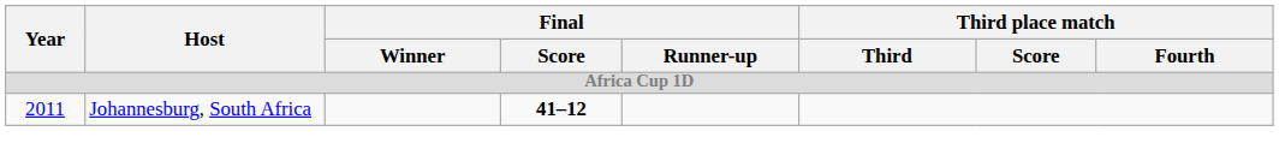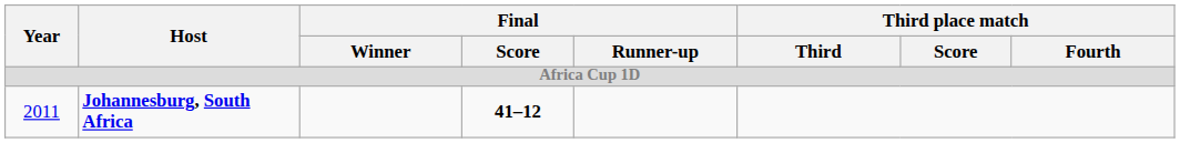 <table class=wikitable style=font-size:90%;text-align:left>
 <tr>
 <th rowspan=2 width= 50>Year</th>
 <th rowspan=2 width=165>Host</th>
 <th colspan=3>Final</th>
 <th colspan=3>Third place match</th>
 </tr>
 <tr>
 <th width=120>Winner</th>
 <th width=80>Score</th>
 <th width=120>Runner-up</th>
 <th width=120>Third</th>
 <th width=80>Score</th>
 <th width=120>Fourth</th>
 </tr>
 <tr style="background: #DCDCDC;">
 <td colspan="100%" align=center style="line-height:9px; color:#808080; font-size:87%;"><strong>Africa Cup 1D</strong></td>
 </tr>
 <tr>
 <td align=center><a href='#'>2011</a></td>
-<td><a href='#'>Johannesburg</a>, <a href='#'>South Africa</a></td>
+<td><strong><a href='#'>Johannesburg</a>, <a href='#'>South Africa</a></strong></td>
 <td><strong></strong></td>
 <td align=center><strong>41–12</strong></td>
 <td></td>
 <td align=center colspan=3><em></em></td>
 </tr>
 </table>
